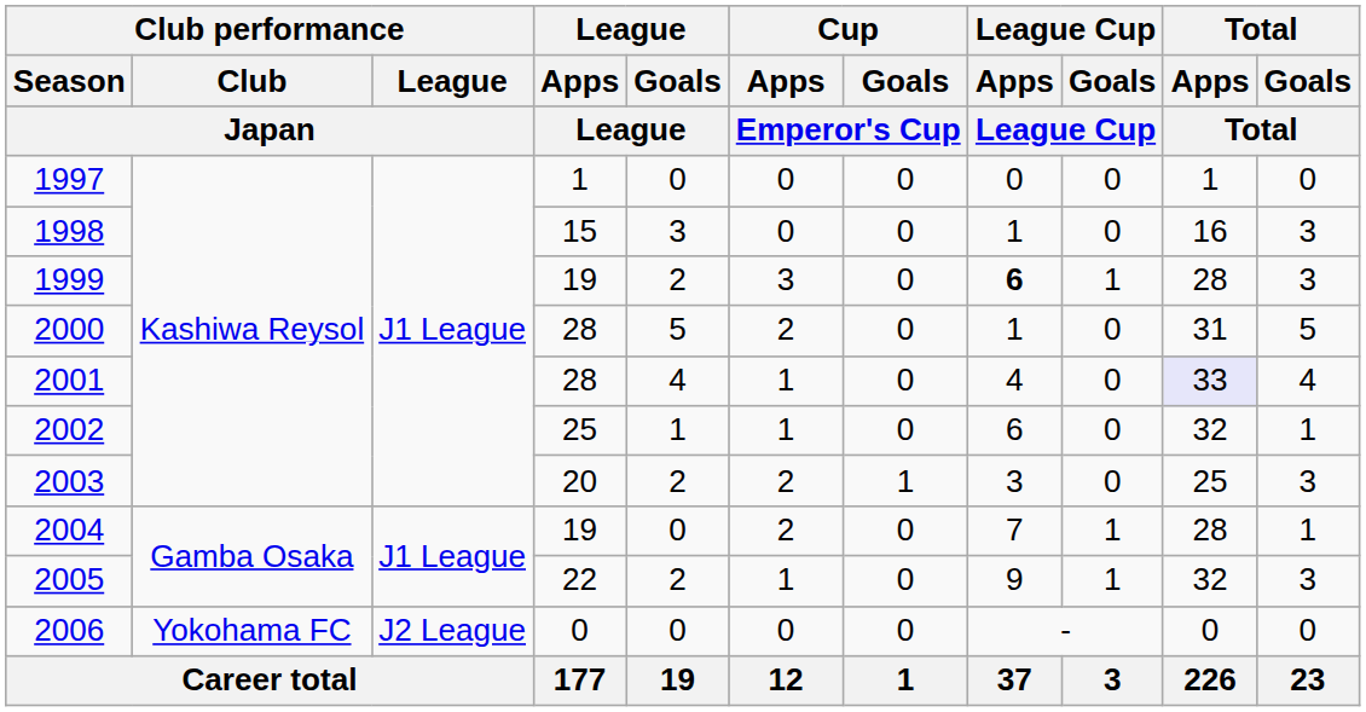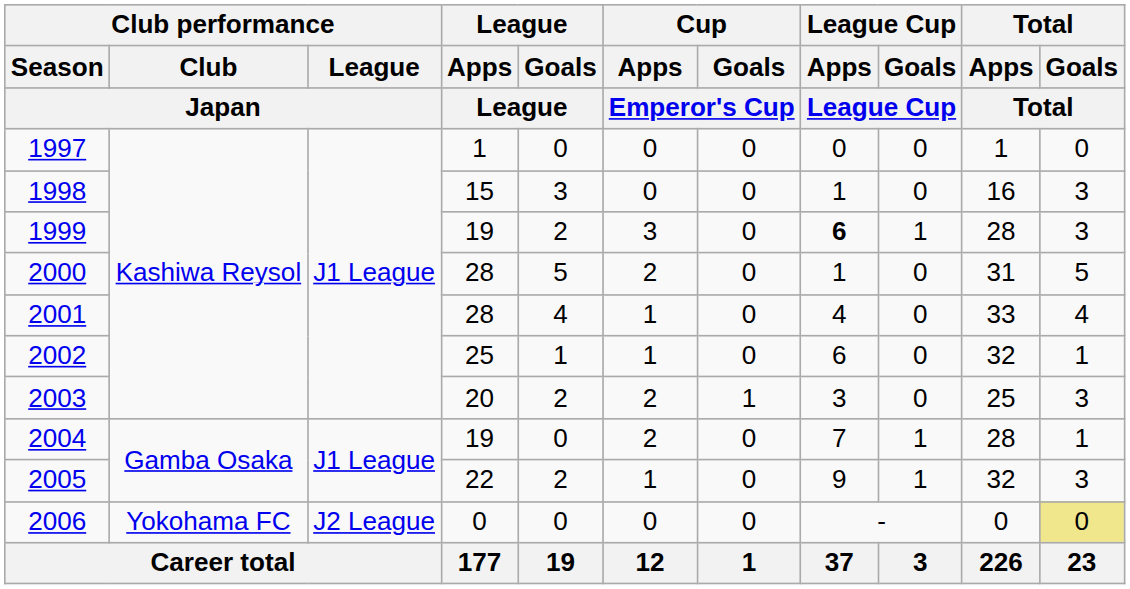 <table class="wikitable" style="text-align:center">
 <tr>
 <th colspan=3>Club performance</th>
 <th colspan=2>League</th>
 <th colspan=2>Cup</th>
 <th colspan=2>League Cup</th>
 <th colspan=2>Total</th>
 </tr>
 <tr>
 <th>Season</th>
 <th>Club</th>
 <th>League</th>
 <th>Apps</th>
 <th>Goals</th>
 <th>Apps</th>
 <th>Goals</th>
 <th>Apps</th>
 <th>Goals</th>
 <th>Apps</th>
 <th>Goals</th>
 </tr>
 <tr>
 <th colspan=3>Japan</th>
 <th colspan=2>League</th>
 <th colspan=2><a href='#'>Emperor's Cup</a></th>
 <th colspan=2><a href='#'>League Cup</a></th>
 <th colspan=2>Total</th>
 </tr>
 <tr>
 <td><a href='#'>1997</a></td>
 <td rowspan="7"><a href='#'>Kashiwa Reysol</a></td>
 <td rowspan="7"><a href='#'>J1 League</a></td>
 <td>1</td>
 <td>0</td>
 <td>0</td>
 <td>0</td>
 <td>0</td>
 <td>0</td>
 <td>1</td>
 <td>0</td>
 </tr>
 <tr>
 <td><a href='#'>1998</a></td>
 <td>15</td>
 <td>3</td>
 <td>0</td>
 <td>0</td>
 <td>1</td>
 <td>0</td>
 <td>16</td>
 <td>3</td>
 </tr>
 <tr>
 <td><a href='#'>1999</a></td>
 <td>19</td>
 <td>2</td>
 <td>3</td>
 <td>0</td>
 <td><strong>6</strong></td>
 <td>1</td>
 <td>28</td>
 <td>3</td>
 </tr>
 <tr>
 <td><a href='#'>2000</a></td>
 <td>28</td>
 <td>5</td>
 <td>2</td>
 <td>0</td>
 <td>1</td>
 <td>0</td>
 <td>31</td>
 <td>5</td>
 </tr>
 <tr>
 <td><a href='#'>2001</a></td>
 <td>28</td>
 <td>4</td>
 <td>1</td>
 <td>0</td>
 <td>4</td>
 <td>0</td>
-<td style="background: lavender;">33</td>
+<td>33</td>
 <td>4</td>
 </tr>
 <tr>
 <td><a href='#'>2002</a></td>
 <td>25</td>
 <td>1</td>
 <td>1</td>
 <td>0</td>
 <td>6</td>
 <td>0</td>
 <td>32</td>
 <td>1</td>
 </tr>
 <tr>
 <td><a href='#'>2003</a></td>
 <td>20</td>
 <td>2</td>
 <td>2</td>
 <td>1</td>
 <td>3</td>
 <td>0</td>
 <td>25</td>
 <td>3</td>
 </tr>
 <tr>
 <td><a href='#'>2004</a></td>
 <td rowspan="2"><a href='#'>Gamba Osaka</a></td>
 <td rowspan="2"><a href='#'>J1 League</a></td>
 <td>19</td>
 <td>0</td>
 <td>2</td>
 <td>0</td>
 <td>7</td>
 <td>1</td>
 <td>28</td>
 <td>1</td>
 </tr>
 <tr>
 <td><a href='#'>2005</a></td>
 <td>22</td>
 <td>2</td>
 <td>1</td>
 <td>0</td>
 <td>9</td>
 <td>1</td>
 <td>32</td>
 <td>3</td>
 </tr>
 <tr>
 <td><a href='#'>2006</a></td>
 <td><a href='#'>Yokohama FC</a></td>
 <td><a href='#'>J2 League</a></td>
 <td>0</td>
 <td>0</td>
 <td>0</td>
 <td>0</td>
 <td colspan="2">-</td>
 <td>0</td>
-<td>0</td>
+<td style="background: khaki;">0</td>
 </tr>
 <tr>
 <th colspan=3>Career total</th>
 <th>177</th>
 <th>19</th>
 <th>12</th>
 <th>1</th>
 <th>37</th>
 <th>3</th>
 <th>226</th>
 <th>23</th>
 </tr>
 </table>
